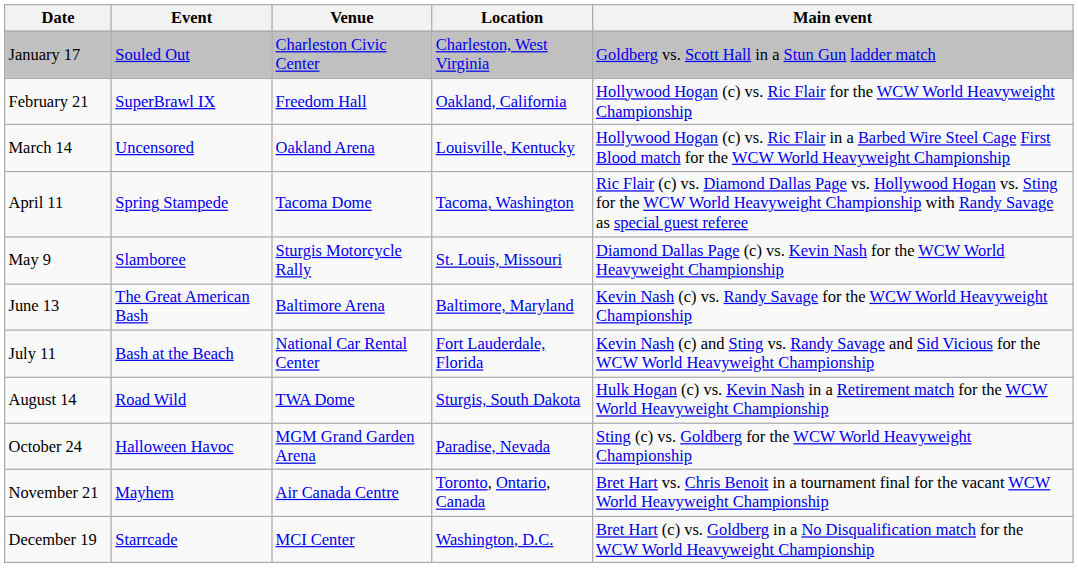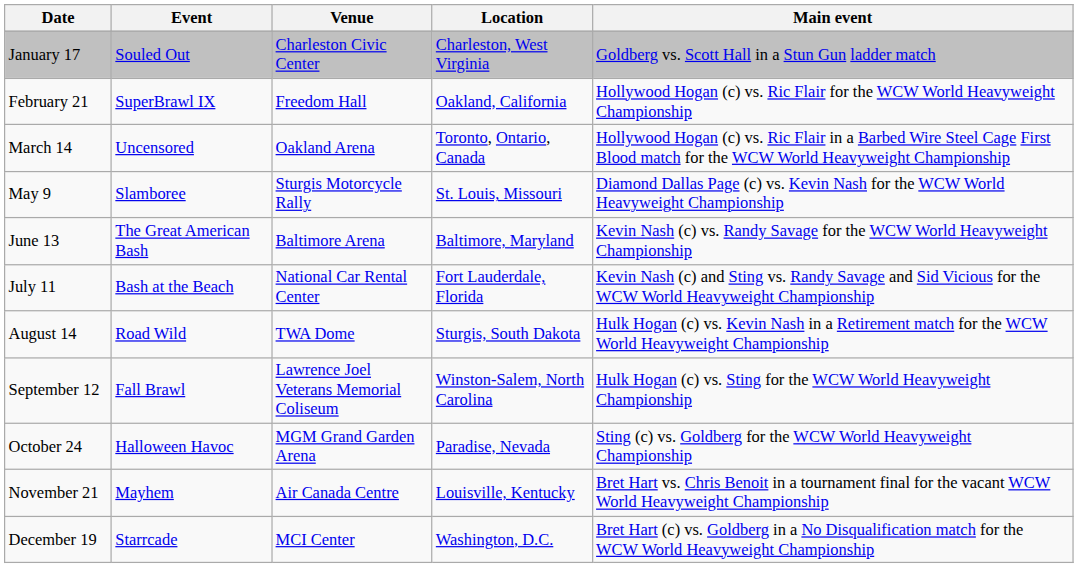 <table class="sortable wikitable succession-box" style="font-size:85%; width: 100%">
 <tr>
 <th width=10%>Date</th>
 <th width=15%>Event</th>
 <th width=15%>Venue</th>
 <th width=15%>Location</th>
 <th width=45%>Main event</th>
 </tr>
 <tr>
 </tr>
 <tr style="background:#C0C0C0;">
 <td>January 17</td>
 <td><a href='#'>Souled Out</a></td>
 <td><a href='#'>Charleston Civic Center</a></td>
 <td><a href='#'>Charleston, West Virginia</a></td>
 <td><a href='#'>Goldberg</a> vs. <a href='#'>Scott Hall</a> in a <a href='#'>Stun Gun</a> <a href='#'>ladder match</a></td>
 </tr>
 <tr>
 <td>February 21</td>
 <td><a href='#'>SuperBrawl IX</a></td>
 <td><a href='#'>Freedom Hall</a></td>
 <td><a href='#'>Oakland, California</a></td>
 <td><a href='#'>Hollywood Hogan</a> (c) vs. <a href='#'>Ric Flair</a> for the <a href='#'>WCW World Heavyweight Championship</a></td>
 </tr>
 <tr>
 <td>March 14</td>
 <td><a href='#'>Uncensored</a></td>
 <td><a href='#'>Oakland Arena</a></td>
-<td><a href='#'>Louisville, Kentucky</a></td>
+<td><a href='#'>Toronto</a>, <a href='#'>Ontario</a>, <a href='#'>Canada</a></td>
 <td><a href='#'>Hollywood Hogan</a> (c) vs. <a href='#'>Ric Flair</a> in a <a href='#'>Barbed Wire Steel Cage</a> <a href='#'>First Blood match</a> for the <a href='#'>WCW World Heavyweight Championship</a></td>
-</tr>
-<tr>
-<td>April 11</td>
-<td><a href='#'>Spring Stampede</a></td>
-<td><a href='#'>Tacoma Dome</a></td>
-<td><a href='#'>Tacoma, Washington</a></td>
-<td><a href='#'>Ric Flair</a> (c) vs. <a href='#'>Diamond Dallas Page</a> vs. <a href='#'>Hollywood Hogan</a> vs. <a href='#'>Sting</a> for the <a href='#'>WCW World Heavyweight Championship</a> with <a href='#'>Randy Savage</a> as <a href='#'>special guest referee</a></td>
 </tr>
 <tr>
 <td>May 9</td>
 <td><a href='#'>Slamboree</a></td>
 <td><a href='#'>Sturgis Motorcycle Rally</a></td>
 <td><a href='#'>St. Louis, Missouri</a></td>
 <td><a href='#'>Diamond Dallas Page</a> (c) vs. <a href='#'>Kevin Nash</a> for the <a href='#'>WCW World Heavyweight Championship</a></td>
 </tr>
 <tr>
 <td>June 13</td>
 <td><a href='#'>The Great American Bash</a></td>
 <td><a href='#'>Baltimore Arena</a></td>
 <td><a href='#'>Baltimore, Maryland</a></td>
 <td><a href='#'>Kevin Nash</a> (c) vs. <a href='#'>Randy Savage</a> for the <a href='#'>WCW World Heavyweight Championship</a></td>
 </tr>
 <tr>
 <td>July 11</td>
 <td><a href='#'>Bash at the Beach</a></td>
 <td><a href='#'>National Car Rental Center</a></td>
 <td><a href='#'>Fort Lauderdale, Florida</a></td>
 <td><a href='#'>Kevin Nash</a> (c) and <a href='#'>Sting</a> vs. <a href='#'>Randy Savage</a> and <a href='#'>Sid Vicious</a> for the <a href='#'>WCW World Heavyweight Championship</a></td>
 </tr>
 <tr>
 <td>August 14</td>
 <td><a href='#'>Road Wild</a></td>
 <td><a href='#'>TWA Dome</a></td>
 <td><a href='#'>Sturgis, South Dakota</a></td>
 <td><a href='#'>Hulk Hogan</a> (c) vs. <a href='#'>Kevin Nash</a> in a <a href='#'>Retirement match</a> for the <a href='#'>WCW World Heavyweight Championship</a></td>
 </tr>
 <tr>
+<td>September 12</td>
+<td><a href='#'>Fall Brawl</a></td>
+<td><a href='#'>Lawrence Joel Veterans Memorial Coliseum</a></td>
+<td><a href='#'>Winston-Salem, North Carolina</a></td>
+<td><a href='#'>Hulk Hogan</a> (c) vs. <a href='#'>Sting</a> for the <a href='#'>WCW World Heavyweight Championship</a></td>
+</tr>
+<tr>
 <td>October 24</td>
 <td><a href='#'>Halloween Havoc</a></td>
 <td><a href='#'>MGM Grand Garden Arena</a></td>
 <td><a href='#'>Paradise, Nevada</a></td>
 <td><a href='#'>Sting</a> (c) vs. <a href='#'>Goldberg</a> for the <a href='#'>WCW World Heavyweight Championship</a></td>
 </tr>
 <tr>
 <td>November 21</td>
 <td><a href='#'>Mayhem</a></td>
 <td><a href='#'>Air Canada Centre</a></td>
-<td><a href='#'>Toronto</a>, <a href='#'>Ontario</a>, <a href='#'>Canada</a></td>
+<td><a href='#'>Louisville, Kentucky</a></td>
 <td><a href='#'>Bret Hart</a> vs. <a href='#'>Chris Benoit</a> in a tournament final for the vacant <a href='#'>WCW World Heavyweight Championship</a></td>
 </tr>
 <tr>
 <td>December 19</td>
 <td><a href='#'>Starrcade</a></td>
 <td><a href='#'>MCI Center</a></td>
 <td><a href='#'>Washington, D.C.</a></td>
 <td><a href='#'>Bret Hart</a> (c) vs. <a href='#'>Goldberg</a> in a <a href='#'>No Disqualification match</a> for the <a href='#'>WCW World Heavyweight Championship</a></td>
 </tr>
 </table>
